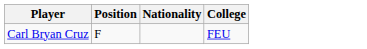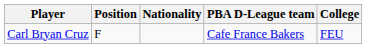 <table class="wikitable sortable sortable">
 <tr>
 <th>Player</th>
 <th>Position</th>
 <th>Nationality</th>
+<th>PBA D-League team</th>
 <th>College</th>
 </tr>
 <tr>
 <td><a href='#'>Carl Bryan Cruz</a></td>
 <td>F</td>
 <td></td>
+<td><a href='#'>Cafe France Bakers</a></td>
 <td><a href='#'>FEU</a></td>
 </tr>
 </table>
